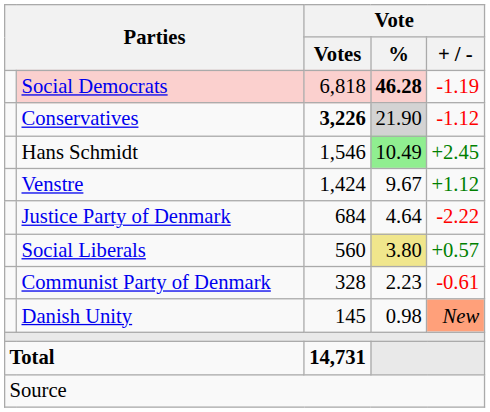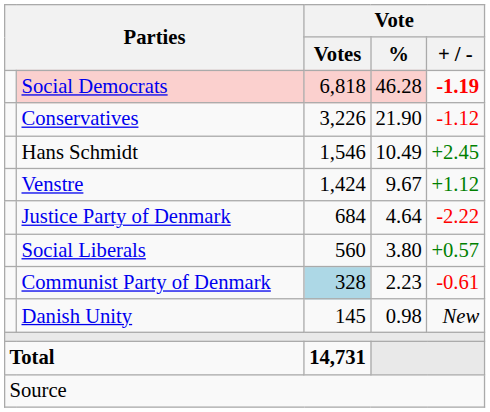 <table class="wikitable" style="text-align:right;">
 <tr>
 <th style="text-align:centre;" rowspan="2" colspan="2" width="225">Parties</th>
 <th colspan="3">Vote</th>
 </tr>
 <tr>
 <th width="15">Votes</th>
 <th width="15">%</th>
 <th width="15">+ / -</th>
 </tr>
 <tr>
 <td width="2" style="color:inherit;background:"></td>
 <td bgcolor=#fbd0ce  align="left"><a href='#'>Social Democrats</a></td>
 <td bgcolor=#fbd0ce>6,818</td>
-<td bgcolor=#fbd0ce><strong>46.28</strong></td>
-<td style=color:red;>-1.19</td>
+<td bgcolor=#fbd0ce>46.28</td>
+<td style=color:red;><strong>-1.19</strong></td>
 </tr>
 <tr>
 <td width="2" style="color:inherit;background:"></td>
 <td align="left"><a href='#'>Conservatives</a></td>
-<td><strong>3,226</strong></td>
-<td style="background: lightgrey;">21.90</td>
+<td>3,226</td>
+<td>21.90</td>
 <td style=color:red;>-1.12</td>
 </tr>
 <tr>
 <td width="2" style="color:inherit;background:"></td>
 <td align="left">Hans Schmidt</td>
 <td>1,546</td>
-<td style="background: lightgreen;">10.49</td>
+<td>10.49</td>
 <td style=color:green;>+2.45</td>
 </tr>
 <tr>
 <td width="2" style="color:inherit;background:"></td>
 <td align="left"><a href='#'>Venstre</a></td>
 <td>1,424</td>
 <td>9.67</td>
 <td style=color:green;>+1.12</td>
 </tr>
 <tr>
 <td width="2" style="color:inherit;background:"></td>
 <td align="left"><a href='#'>Justice Party of Denmark</a></td>
 <td>684</td>
 <td>4.64</td>
 <td style=color:red;>-2.22</td>
 </tr>
 <tr>
 <td width="2" style="color:inherit;background:"></td>
 <td align="left"><a href='#'>Social Liberals</a></td>
 <td>560</td>
-<td style="background: khaki;">3.80</td>
+<td>3.80</td>
 <td style=color:green;>+0.57</td>
 </tr>
 <tr>
 <td width="2" style="color:inherit;background:"></td>
 <td align="left"><a href='#'>Communist Party of Denmark</a></td>
-<td>328</td>
+<td style="background: lightblue;">328</td>
 <td>2.23</td>
 <td style=color:red;>-0.61</td>
 </tr>
 <tr>
 <td width="2" style="color:inherit;background:"></td>
 <td align="left"><a href='#'>Danish Unity</a></td>
 <td>145</td>
 <td>0.98</td>
-<td style="background: lightsalmon;"><em>New</em></td>
+<td><em>New</em></td>
 </tr>
 <tr>
 <td colspan="7" bgcolor="#E9E9E9"></td>
 </tr>
 <tr>
 <td align="left" colspan="2"><strong>Total</strong></td>
 <td><strong>14,731</strong></td>
 <td bgcolor="#E9E9E9" colspan="2"></td>
 </tr>
 <tr>
 <td align="left" colspan="6">Source</td>
 </tr>
 </table>
